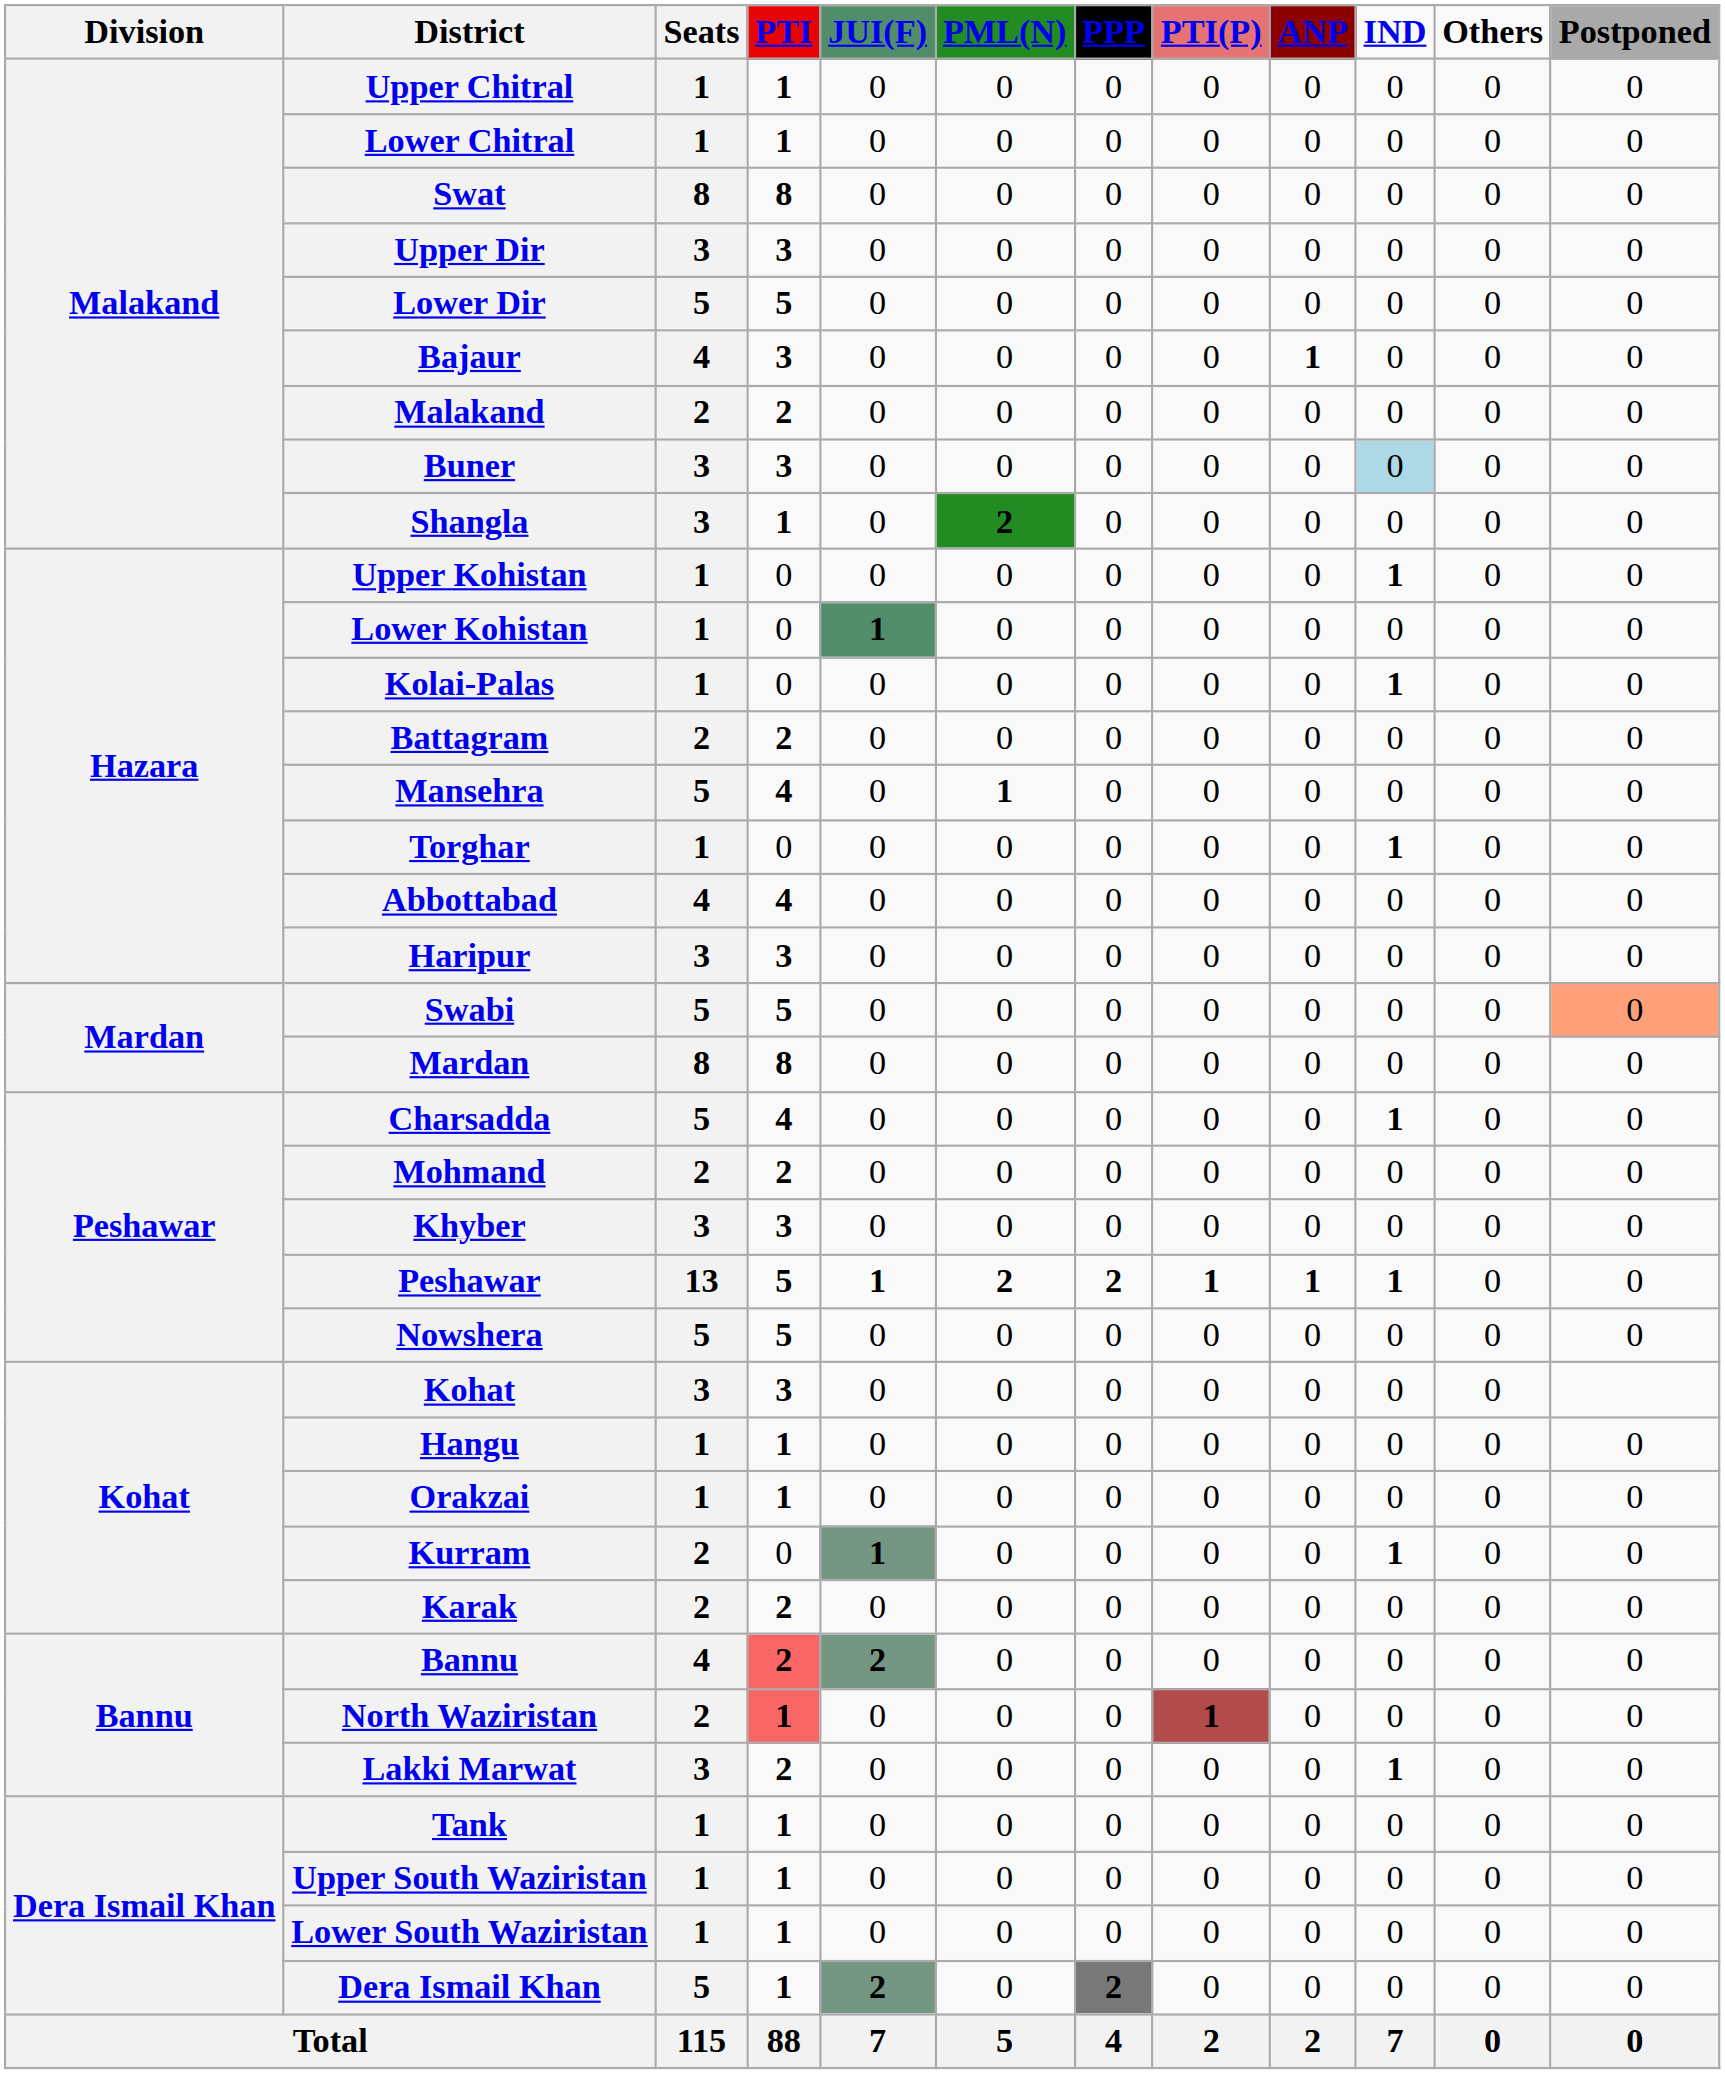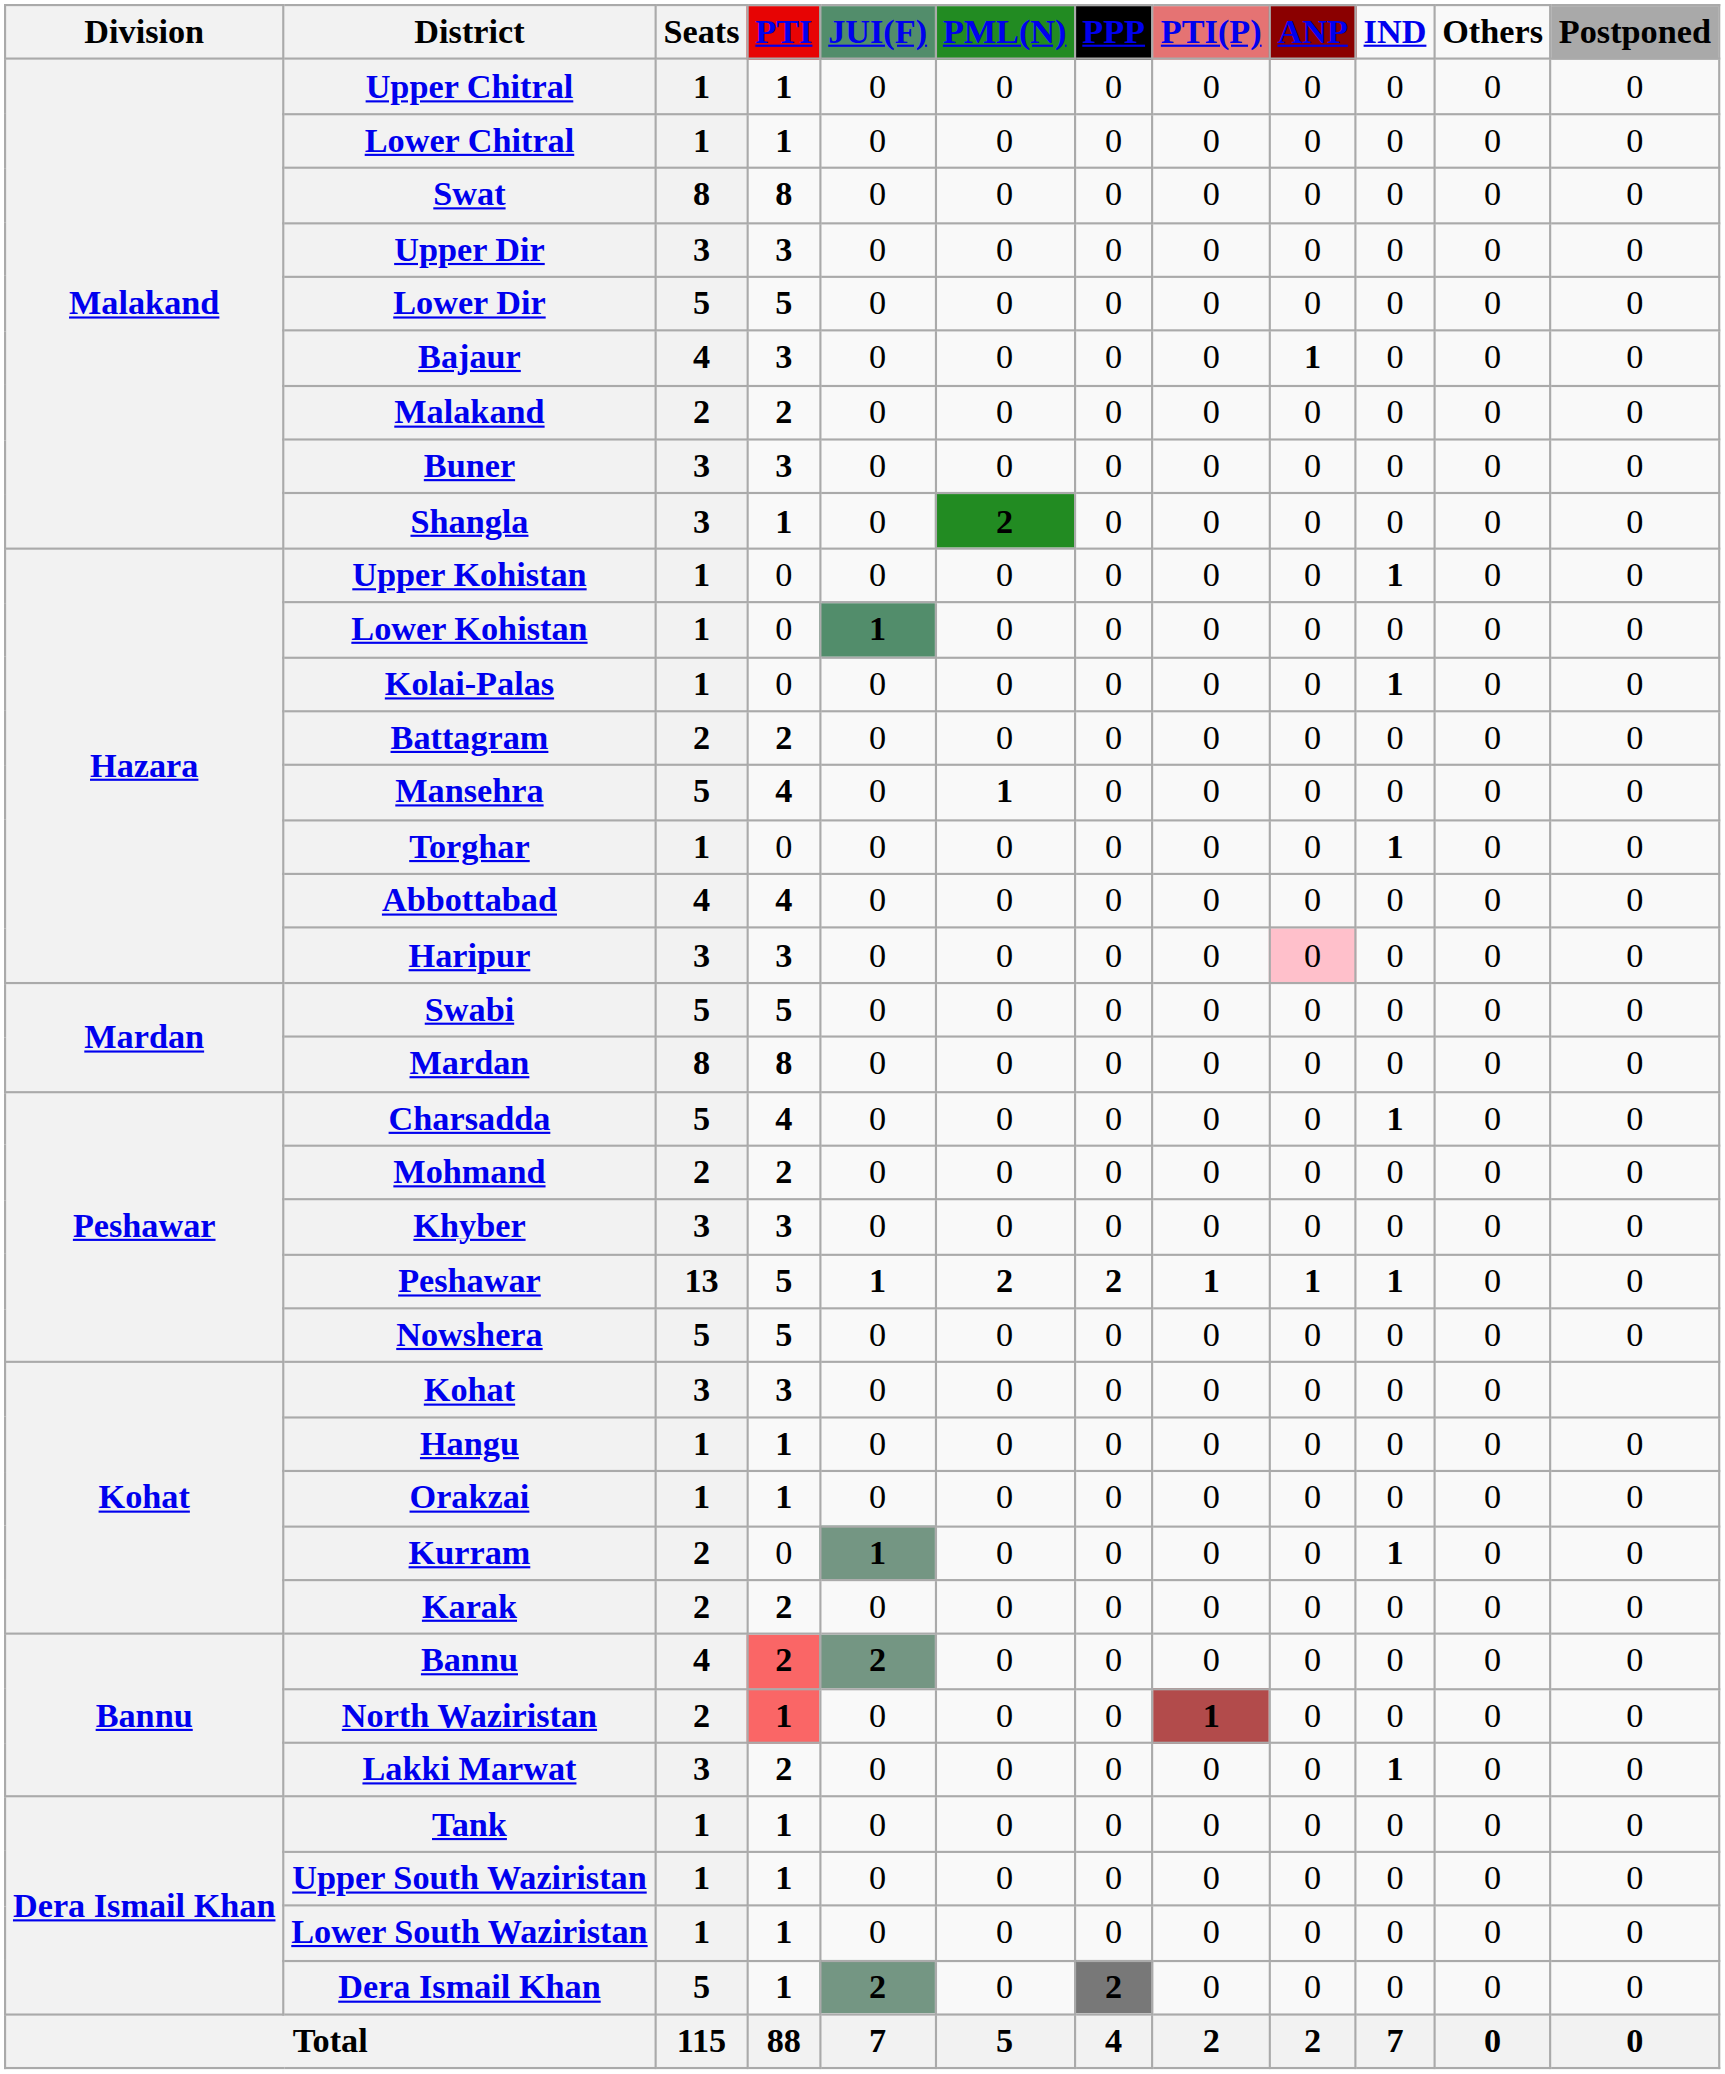 <table class="wikitable sortable" style="text-align:center;">
 <tr>
 <th>Division</th>
 <th>District</th>
 <th>Seats</th>
 <td style="background:#E70404;"><a href='#'><span><strong>PTI</strong></span></a></td>
 <td style="background:#528d6b;"><a href='#'><span><strong>JUI(F)</strong></span></a></td>
 <td style="background:#228b22;"><a href='#'><span><strong>PML(N)</strong></span></a></td>
 <td style="background:#000000;"><a href='#'><span><strong>PPP</strong></span></a></td>
 <td style="background:#e57373;"><a href='#'><span><strong>PTI(P)</strong></span></a></td>
 <td style="background:#8b0000;"><a href='#'><span><strong>ANP</strong></span></a></td>
 <td><a href='#'><span><strong>IND</strong></span></a></td>
 <td><span><strong>Others</strong></span></td>
 <td bgcolor="#a9a9a9"><span><strong>Postponed</strong></span></td>
 </tr>
 <tr>
 <th rowspan="9"><a href='#'>Malakand</a></th>
 <th><a href='#'>Upper Chitral</a></th>
 <th>1</th>
 <td><span><strong>1</strong></span></td>
 <td>0</td>
 <td>0</td>
 <td>0</td>
 <td>0</td>
 <td>0</td>
 <td>0</td>
 <td>0</td>
 <td>0</td>
 </tr>
 <tr>
 <th><a href='#'>Lower Chitral</a></th>
 <th>1</th>
 <td><span><strong>1</strong></span></td>
 <td>0</td>
 <td>0</td>
 <td>0</td>
 <td>0</td>
 <td>0</td>
 <td>0</td>
 <td>0</td>
 <td>0</td>
 </tr>
 <tr>
 <th><a href='#'>Swat</a></th>
 <th>8</th>
 <td><span><strong>8</strong></span></td>
 <td>0</td>
 <td>0</td>
 <td>0</td>
 <td>0</td>
 <td>0</td>
 <td>0</td>
 <td>0</td>
 <td>0</td>
 </tr>
 <tr>
 <th><a href='#'>Upper Dir</a></th>
 <th>3</th>
 <td><span><strong>3</strong></span></td>
 <td>0</td>
 <td>0</td>
 <td>0</td>
 <td>0</td>
 <td>0</td>
 <td>0</td>
 <td>0</td>
 <td>0</td>
 </tr>
 <tr>
 <th><a href='#'>Lower Dir</a></th>
 <th>5</th>
 <td><span><strong>5</strong></span></td>
 <td>0</td>
 <td>0</td>
 <td>0</td>
 <td>0</td>
 <td>0</td>
 <td>0</td>
 <td>0</td>
 <td>0</td>
 </tr>
 <tr>
 <th><a href='#'>Bajaur</a></th>
 <th>4</th>
 <td><span><strong>3</strong></span></td>
 <td>0</td>
 <td>0</td>
 <td>0</td>
 <td>0</td>
 <td><strong>1</strong></td>
 <td>0</td>
 <td>0</td>
 <td>0</td>
 </tr>
 <tr>
 <th><a href='#'>Malakand</a></th>
 <th>2</th>
 <td><span><strong>2</strong></span></td>
 <td>0</td>
 <td>0</td>
 <td>0</td>
 <td>0</td>
 <td>0</td>
 <td>0</td>
 <td>0</td>
 <td>0</td>
 </tr>
 <tr>
 <th><a href='#'>Buner</a></th>
 <th>3</th>
 <td><span><strong>3</strong></span></td>
 <td>0</td>
 <td>0</td>
 <td>0</td>
 <td>0</td>
 <td>0</td>
-<td style="background: lightblue;">0</td>
+<td>0</td>
 <td>0</td>
 <td>0</td>
 </tr>
 <tr>
 <th><a href='#'>Shangla</a></th>
 <th>3</th>
 <td><strong>1</strong></td>
 <td>0</td>
 <td bgcolor="#228b22"><span><strong>2</strong></span></td>
 <td>0</td>
 <td>0</td>
 <td>0</td>
 <td>0</td>
 <td>0</td>
 <td>0</td>
 </tr>
 <tr>
 <th rowspan="8"><a href='#'>Hazara</a></th>
 <th><a href='#'>Upper Kohistan</a></th>
 <th>1</th>
 <td>0</td>
 <td>0</td>
 <td>0</td>
 <td>0</td>
 <td>0</td>
 <td>0</td>
 <td><span><strong>1</strong></span></td>
 <td>0</td>
 <td>0</td>
 </tr>
 <tr>
 <th><a href='#'>Lower Kohistan</a></th>
 <th>1</th>
 <td>0</td>
 <td bgcolor="#528d6b"><span><strong>1</strong></span></td>
 <td>0</td>
 <td>0</td>
 <td>0</td>
 <td>0</td>
 <td>0</td>
 <td>0</td>
 <td>0</td>
 </tr>
 <tr>
 <th><a href='#'>Kolai-Palas</a></th>
 <th>1</th>
 <td>0</td>
 <td>0</td>
 <td>0</td>
 <td>0</td>
 <td>0</td>
 <td>0</td>
 <td><span><strong>1</strong></span></td>
 <td>0</td>
 <td>0</td>
 </tr>
 <tr>
 <th><a href='#'>Battagram</a></th>
 <th>2</th>
 <td><span><strong>2</strong></span></td>
 <td>0</td>
 <td>0</td>
 <td>0</td>
 <td>0</td>
 <td>0</td>
 <td>0</td>
 <td>0</td>
 <td>0</td>
 </tr>
 <tr>
 <th><a href='#'>Mansehra</a></th>
 <th>5</th>
 <td><span><strong>4</strong></span></td>
 <td>0</td>
 <td><strong>1</strong></td>
 <td>0</td>
 <td>0</td>
 <td>0</td>
 <td>0</td>
 <td>0</td>
 <td>0</td>
 </tr>
 <tr>
 <th><a href='#'>Torghar</a></th>
 <th>1</th>
 <td>0</td>
 <td>0</td>
 <td>0</td>
 <td>0</td>
 <td>0</td>
 <td>0</td>
 <td><span><strong>1</strong></span></td>
 <td>0</td>
 <td>0</td>
 </tr>
 <tr>
 <th><a href='#'>Abbottabad</a></th>
 <th>4</th>
 <td><span><strong>4</strong></span></td>
 <td>0</td>
 <td>0</td>
 <td>0</td>
 <td>0</td>
 <td>0</td>
 <td>0</td>
 <td>0</td>
 <td>0</td>
 </tr>
 <tr>
 <th><a href='#'>Haripur</a></th>
 <th>3</th>
 <td><span><strong>3</strong></span></td>
 <td>0</td>
 <td>0</td>
 <td>0</td>
 <td>0</td>
-<td>0</td>
+<td style="background: pink;">0</td>
 <td>0</td>
 <td>0</td>
 <td>0</td>
 </tr>
 <tr>
 <th rowspan="2"><a href='#'>Mardan</a></th>
 <th><a href='#'>Swabi</a></th>
 <th>5</th>
 <td><span><strong>5</strong></span></td>
 <td>0</td>
 <td>0</td>
 <td>0</td>
 <td>0</td>
 <td>0</td>
 <td>0</td>
 <td>0</td>
-<td style="background: lightsalmon;">0</td>
+<td>0</td>
 </tr>
 <tr>
 <th><a href='#'>Mardan</a></th>
 <th>8</th>
 <td><span><strong>8</strong></span></td>
 <td>0</td>
 <td>0</td>
 <td>0</td>
 <td>0</td>
 <td>0</td>
 <td>0</td>
 <td>0</td>
 <td>0</td>
 </tr>
 <tr>
 <th rowspan="5"><a href='#'>Peshawar</a></th>
 <th><a href='#'>Charsadda</a></th>
 <th>5</th>
 <td><span><strong>4</strong></span></td>
 <td>0</td>
 <td>0</td>
 <td>0</td>
 <td>0</td>
 <td>0</td>
 <td><span><strong>1</strong></span></td>
 <td>0</td>
 <td>0</td>
 </tr>
 <tr>
 <th><a href='#'>Mohmand</a></th>
 <th>2</th>
 <td><span><strong>2</strong></span></td>
 <td>0</td>
 <td>0</td>
 <td>0</td>
 <td>0</td>
 <td>0</td>
 <td>0</td>
 <td>0</td>
 <td>0</td>
 </tr>
 <tr>
 <th><a href='#'>Khyber</a></th>
 <th>3</th>
 <td><span><strong>3</strong></span></td>
 <td>0</td>
 <td>0</td>
 <td>0</td>
 <td>0</td>
 <td>0</td>
 <td>0</td>
 <td>0</td>
 <td>0</td>
 </tr>
 <tr>
 <th><a href='#'>Peshawar</a></th>
 <th>13</th>
 <td><span><strong>5</strong></span></td>
 <td><strong>1</strong></td>
 <td><strong>2</strong></td>
 <td><strong>2</strong></td>
 <td><strong>1</strong></td>
 <td><strong>1</strong></td>
 <td><strong>1</strong></td>
 <td>0</td>
 <td>0</td>
 </tr>
 <tr>
 <th><a href='#'>Nowshera</a></th>
 <th>5</th>
 <td><span><strong>5</strong></span></td>
 <td>0</td>
 <td>0</td>
 <td>0</td>
 <td>0</td>
 <td>0</td>
 <td>0</td>
 <td>0</td>
 <td>0</td>
 </tr>
 <tr>
 <th rowspan="5"><a href='#'>Kohat</a></th>
 <th><a href='#'>Kohat</a></th>
 <th>3</th>
 <td><span><strong>3</strong></span></td>
 <td>0</td>
 <td>0</td>
 <td>0</td>
 <td>0</td>
 <td>0</td>
 <td>0</td>
 <td>0</td>
 <td></td>
 </tr>
 <tr>
 <th><a href='#'>Hangu</a></th>
 <th>1</th>
 <td><span><strong>1</strong></span></td>
 <td>0</td>
 <td>0</td>
 <td>0</td>
 <td>0</td>
 <td>0</td>
 <td>0</td>
 <td>0</td>
 <td>0</td>
 </tr>
 <tr>
 <th><a href='#'>Orakzai</a></th>
 <th>1</th>
 <td><span><strong>1</strong></span></td>
 <td>0</td>
 <td>0</td>
 <td>0</td>
 <td>0</td>
 <td>0</td>
 <td>0</td>
 <td>0</td>
 <td>0</td>
 </tr>
 <tr>
 <th><a href='#'>Kurram</a></th>
 <th>2</th>
 <td>0</td>
 <td bgcolor="#749683"><span><strong>1</strong></span></td>
 <td>0</td>
 <td>0</td>
 <td>0</td>
 <td>0</td>
 <td><strong>1</strong></td>
 <td>0</td>
 <td>0</td>
 </tr>
 <tr>
 <th><a href='#'>Karak</a></th>
 <th>2</th>
 <td><span><strong>2</strong></span></td>
 <td>0</td>
 <td>0</td>
 <td>0</td>
 <td>0</td>
 <td>0</td>
 <td>0</td>
 <td>0</td>
 <td>0</td>
 </tr>
 <tr>
 <th rowspan="3"><a href='#'>Bannu</a></th>
 <th><a href='#'>Bannu</a></th>
 <th>4</th>
 <td bgcolor="#fa6666"><span><strong>2</strong></span></td>
 <td bgcolor="#749683"><span><strong>2</strong></span></td>
 <td>0</td>
 <td>0</td>
 <td>0</td>
 <td>0</td>
 <td>0</td>
 <td>0</td>
 <td>0</td>
 </tr>
 <tr>
 <th><a href='#'>North Waziristan</a></th>
 <th>2</th>
 <td bgcolor="#fa6666"><span><strong>1</strong></span></td>
 <td>0</td>
 <td>0</td>
 <td>0</td>
 <td bgcolor="#b24b4b"><span><strong>1</strong></span></td>
 <td>0</td>
 <td>0</td>
 <td>0</td>
 <td>0</td>
 </tr>
 <tr>
 <th><a href='#'>Lakki Marwat</a></th>
 <th>3</th>
 <td><span><strong>2</strong></span></td>
 <td>0</td>
 <td>0</td>
 <td>0</td>
 <td>0</td>
 <td>0</td>
 <td><strong>1</strong></td>
 <td>0</td>
 <td>0</td>
 </tr>
 <tr>
 <th rowspan="4"><a href='#'>Dera Ismail Khan</a></th>
 <th><a href='#'>Tank</a></th>
 <th>1</th>
 <td><span><strong>1</strong></span></td>
 <td>0</td>
 <td>0</td>
 <td>0</td>
 <td>0</td>
 <td>0</td>
 <td>0</td>
 <td>0</td>
 <td>0</td>
 </tr>
 <tr>
 <th><a href='#'>Upper South Waziristan</a></th>
 <th>1</th>
 <td><span><strong>1</strong></span></td>
 <td>0</td>
 <td>0</td>
 <td>0</td>
 <td>0</td>
 <td>0</td>
 <td>0</td>
 <td>0</td>
 <td>0</td>
 </tr>
 <tr>
 <th><a href='#'>Lower South Waziristan</a></th>
 <th>1</th>
 <td><span><strong>1</strong></span></td>
 <td>0</td>
 <td>0</td>
 <td>0</td>
 <td>0</td>
 <td>0</td>
 <td>0</td>
 <td>0</td>
 <td>0</td>
 </tr>
 <tr>
 <th><a href='#'>Dera Ismail Khan</a></th>
 <th>5</th>
 <td><strong>1</strong></td>
 <td bgcolor="#749683"><span><strong>2</strong></span></td>
 <td>0</td>
 <td bgcolor="#787878"><span><strong>2</strong></span></td>
 <td>0</td>
 <td>0</td>
 <td>0</td>
 <td>0</td>
 <td>0</td>
 </tr>
 <tr>
 <th colspan="2">Total</th>
 <th>115</th>
 <th>88</th>
 <th>7</th>
 <th>5</th>
 <th>4</th>
 <th>2</th>
 <th>2</th>
 <th>7</th>
 <th>0</th>
 <th>0</th>
 </tr>
 </table>
